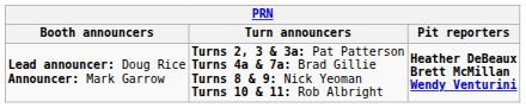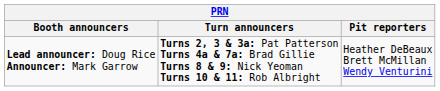 <table class="wikitable" style="font-size: 95%;">
 <tr>
 <th colspan="3"><a href='#'>PRN</a></th>
 </tr>
 <tr>
 <th>Booth announcers</th>
 <th>Turn announcers</th>
 <th>Pit reporters</th>
 </tr>
 <tr>
 <td><strong>Lead announcer:</strong> Doug Rice<br><strong>Announcer:</strong> Mark Garrow</td>
 <td><strong>Turns 2, 3 & 3a:</strong> Pat Patterson<br><strong>Turns 4a & 7a:</strong> Brad Gillie<br><strong>Turns 8 & 9:</strong> Nick Yeoman<br> <strong>Turns 10 & 11:</strong> Rob Albright</td>
-<td><strong>Heather DeBeaux<br>Brett McMillan<br><a href='#'>Wendy Venturini</a></strong></td>
+<td>Heather DeBeaux<br>Brett McMillan<br><a href='#'>Wendy Venturini</a></td>
 </tr>
 </table>
